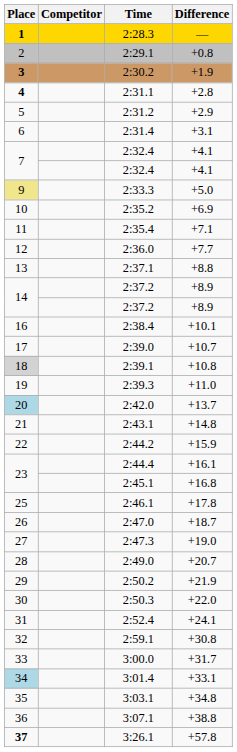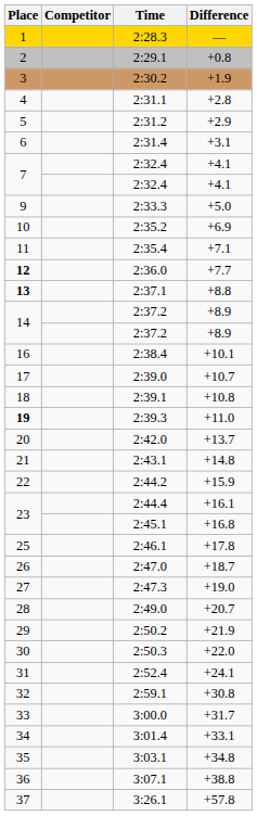 <table class=wikitable style="text-align:center">
 <tr>
 <th>Place</th>
 <th>Competitor</th>
 <th width=80>Time</th>
 <th>Difference</th>
 </tr>
 <tr bgcolor=gold>
-<td><strong>1</strong></td>
+<td>1</td>
 <td align=left></td>
 <td>2:28.3</td>
 <td>—</td>
 </tr>
 <tr bgcolor=silver>
 <td>2</td>
 <td align=left></td>
 <td>2:29.1</td>
 <td>+0.8</td>
 </tr>
 <tr bgcolor=cc9966>
-<td><strong>3</strong></td>
+<td>3</td>
 <td align=left></td>
 <td>2:30.2</td>
 <td>+1.9</td>
 </tr>
 <tr>
-<td><strong>4</strong></td>
+<td>4</td>
 <td align=left></td>
 <td>2:31.1</td>
 <td>+2.8</td>
 </tr>
 <tr>
 <td>5</td>
 <td align=left></td>
 <td>2:31.2</td>
 <td>+2.9</td>
 </tr>
 <tr>
 <td>6</td>
 <td align=left></td>
 <td>2:31.4</td>
 <td>+3.1</td>
 </tr>
 <tr>
 <td rowspan=2>7</td>
 <td align=left></td>
 <td>2:32.4</td>
 <td>+4.1</td>
 </tr>
 <tr>
 <td align=left></td>
 <td>2:32.4</td>
 <td>+4.1</td>
 </tr>
 <tr>
-<td style="background: khaki;">9</td>
+<td>9</td>
 <td align=left></td>
 <td>2:33.3</td>
 <td>+5.0</td>
 </tr>
 <tr>
 <td>10</td>
 <td align=left></td>
 <td>2:35.2</td>
 <td>+6.9</td>
 </tr>
 <tr>
 <td>11</td>
 <td align=left></td>
 <td>2:35.4</td>
 <td>+7.1</td>
 </tr>
 <tr>
-<td>12</td>
+<td><strong>12</strong></td>
 <td align=left></td>
 <td>2:36.0</td>
 <td>+7.7</td>
 </tr>
 <tr>
-<td>13</td>
+<td><strong>13</strong></td>
 <td align=left></td>
 <td>2:37.1</td>
 <td>+8.8</td>
 </tr>
 <tr>
 <td rowspan=2>14</td>
 <td align=left></td>
 <td>2:37.2</td>
 <td>+8.9</td>
 </tr>
 <tr>
 <td align=left></td>
 <td>2:37.2</td>
 <td>+8.9</td>
 </tr>
 <tr>
 <td>16</td>
 <td align=left></td>
 <td>2:38.4</td>
 <td>+10.1</td>
 </tr>
 <tr>
 <td>17</td>
 <td align=left></td>
 <td>2:39.0</td>
 <td>+10.7</td>
 </tr>
 <tr>
-<td style="background: lightgrey;">18</td>
+<td>18</td>
 <td align=left></td>
 <td>2:39.1</td>
 <td>+10.8</td>
 </tr>
 <tr>
-<td>19</td>
+<td><strong>19</strong></td>
 <td align=left></td>
 <td>2:39.3</td>
 <td>+11.0</td>
 </tr>
 <tr>
-<td style="background: lightblue;">20</td>
+<td>20</td>
 <td align=left></td>
 <td>2:42.0</td>
 <td>+13.7</td>
 </tr>
 <tr>
 <td>21</td>
 <td align=left></td>
 <td>2:43.1</td>
 <td>+14.8</td>
 </tr>
 <tr>
 <td>22</td>
 <td align=left></td>
 <td>2:44.2</td>
 <td>+15.9</td>
 </tr>
 <tr>
 <td rowspan=2>23</td>
 <td align=left></td>
 <td>2:44.4</td>
 <td>+16.1</td>
 </tr>
 <tr>
 <td align=left></td>
 <td>2:45.1</td>
 <td>+16.8</td>
 </tr>
 <tr>
 <td>25</td>
 <td align=left></td>
 <td>2:46.1</td>
 <td>+17.8</td>
 </tr>
 <tr>
 <td>26</td>
 <td align=left></td>
 <td>2:47.0</td>
 <td>+18.7</td>
 </tr>
 <tr>
 <td>27</td>
 <td align=left></td>
 <td>2:47.3</td>
 <td>+19.0</td>
 </tr>
 <tr>
 <td>28</td>
 <td align=left></td>
 <td>2:49.0</td>
 <td>+20.7</td>
 </tr>
 <tr>
 <td>29</td>
 <td align=left></td>
 <td>2:50.2</td>
 <td>+21.9</td>
 </tr>
 <tr>
 <td>30</td>
 <td align=left></td>
 <td>2:50.3</td>
 <td>+22.0</td>
 </tr>
 <tr>
 <td>31</td>
 <td align=left></td>
 <td>2:52.4</td>
 <td>+24.1</td>
 </tr>
 <tr>
 <td>32</td>
 <td align=left></td>
 <td>2:59.1</td>
 <td>+30.8</td>
 </tr>
 <tr>
 <td>33</td>
 <td align=left></td>
 <td>3:00.0</td>
 <td>+31.7</td>
 </tr>
 <tr>
-<td style="background: lightblue;">34</td>
+<td>34</td>
 <td align=left></td>
 <td>3:01.4</td>
 <td>+33.1</td>
 </tr>
 <tr>
 <td>35</td>
 <td align=left></td>
 <td>3:03.1</td>
 <td>+34.8</td>
 </tr>
 <tr>
 <td>36</td>
 <td align=left></td>
 <td>3:07.1</td>
 <td>+38.8</td>
 </tr>
 <tr>
-<td><strong>37</strong></td>
+<td>37</td>
 <td align=left></td>
 <td>3:26.1</td>
 <td>+57.8</td>
 </tr>
 </table>
